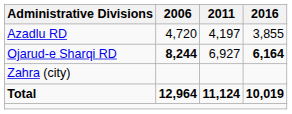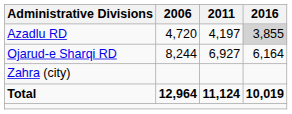 <table class="wikitable">
 <tr>
 <th>Administrative Divisions</th>
 <th>2006</th>
 <th>2011</th>
 <th>2016</th>
 </tr>
 <tr>
 <td><a href='#'>Azadlu RD</a></td>
 <td style="text-align: right;">4,720</td>
 <td style="text-align: right;">4,197</td>
-<td style="text-align: right;">3,855</td>
+<td style="background: lightgrey; text-align: right;">3,855</td>
 </tr>
 <tr>
 <td><a href='#'>Ojarud-e Sharqi RD</a></td>
-<td style="text-align: right;"><strong>8,244</strong></td>
+<td style="text-align: right;">8,244</td>
 <td style="text-align: right;">6,927</td>
-<td style="text-align: right;"><strong>6,164</strong></td>
+<td style="text-align: right;">6,164</td>
 </tr>
 <tr>
 <td><a href='#'>Zahra</a> (city)</td>
 <td style="text-align: right;"></td>
 <td style="text-align: right;"></td>
 <td style="text-align: right;"></td>
 </tr>
 <tr>
 <td><strong>Total</strong></td>
 <td style="text-align: right;"><strong>12,964</strong></td>
 <td style="text-align: right;"><strong>11,124</strong></td>
 <td style="text-align: right;"><strong>10,019</strong></td>
 </tr>
 <tr>
 <td colspan=4></td>
 </tr>
 </table>
